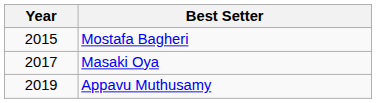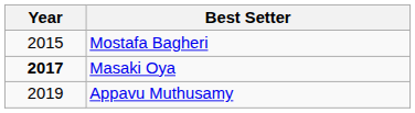 <table class=wikitable style="width: 400px;">
 <tr>
 <th style="width: 20%;">Year</th>
 <th style="width: 80%;">Best Setter</th>
 </tr>
 <tr>
 <td align=center>2015</td>
 <td> <a href='#'>Mostafa Bagheri</a></td>
 </tr>
 <tr>
-<td align=center>2017</td>
+<td align=center><strong>2017</strong></td>
 <td> <a href='#'>Masaki Oya</a></td>
 </tr>
 <tr>
 <td align=center>2019</td>
 <td> <a href='#'>Appavu Muthusamy</a></td>
 </tr>
 </table>
